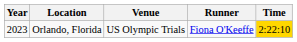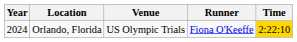 <table class="wikitable" style="test-align:center">
 <tr>
 <th>Year</th>
 <th>Location</th>
 <th>Venue</th>
 <th>Runner</th>
 <th>Time</th>
 </tr>
 <tr>
-<td>2023</td>
+<td>2024</td>
 <td>Orlando, Florida</td>
 <td>US Olympic Trials</td>
 <td><a href='#'>Fiona O'Keeffe</a></td>
 <td style="background: gold;">2:22:10</td>
 </tr>
 </table>
